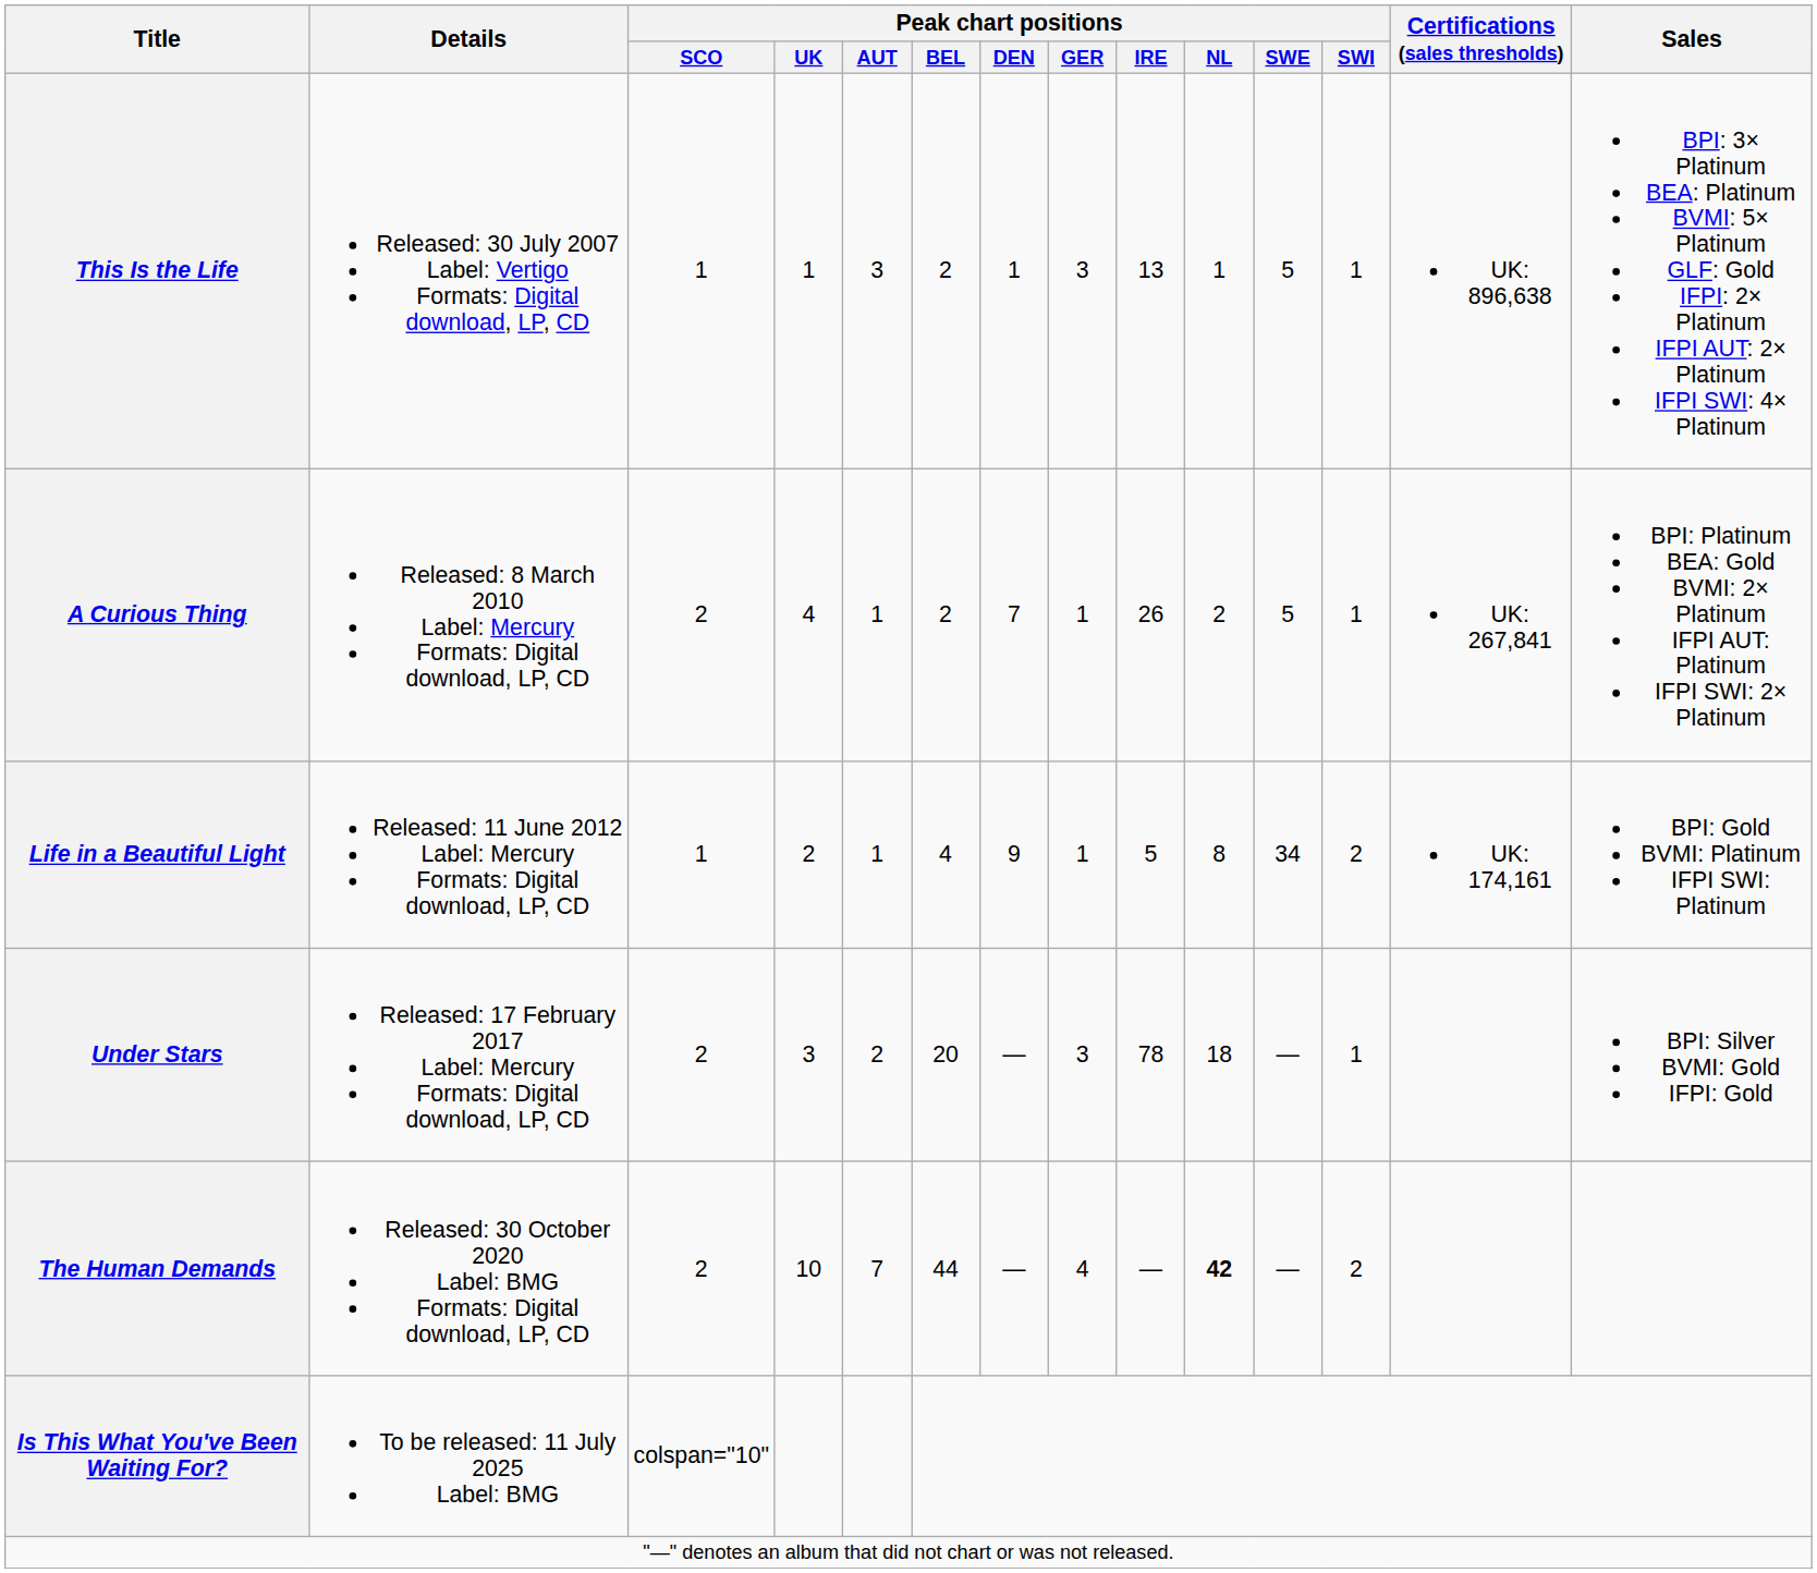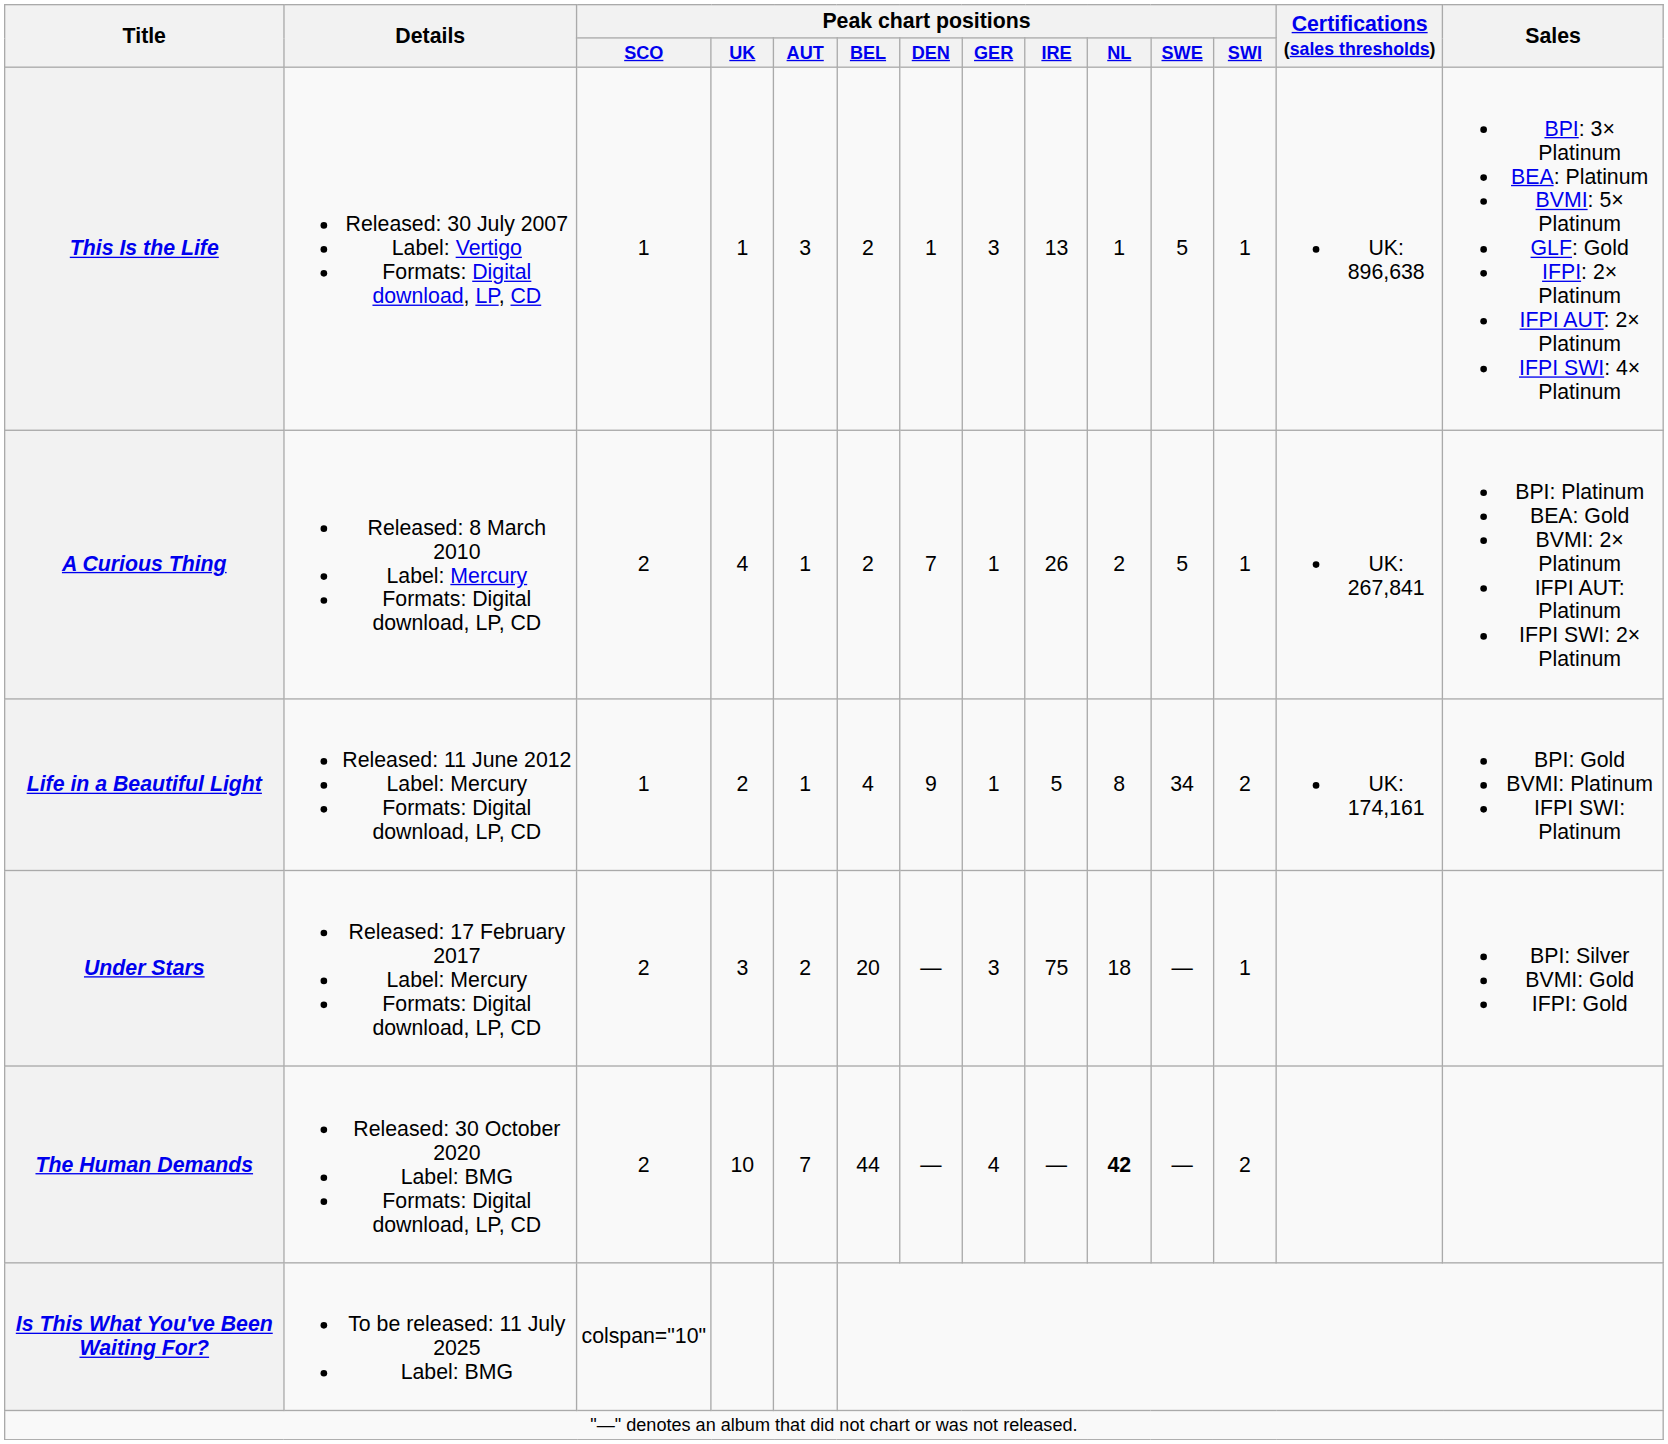 <table class="wikitable plainrowheaders" style="text-align:center;">
 <tr>
 <th scope="col" rowspan="2">Title</th>
 <th scope="col" rowspan="2">Details</th>
 <th scope="col" colspan="10">Peak chart positions</th>
 <th scope="col" rowspan="2"><a href='#'>Certifications</a><br><small>(<a href='#'>sales thresholds</a>)</small></th>
 <th scope="col" rowspan="2">Sales</th>
 </tr>
 <tr>
 <th scope="col" style="width:3em;font-size:85%;"><a href='#'>SCO</a><br></th>
 <th scope="col" style="width:3em;font-size:85%;"><a href='#'>UK</a><br></th>
 <th scope="col" style="width:3em;font-size:85%;"><a href='#'>AUT</a><br></th>
 <th scope="col" style="width:3em;font-size:85%;"><a href='#'>BEL</a><br></th>
 <th scope="col" style="width:3em;font-size:85%;"><a href='#'>DEN</a><br></th>
 <th scope="col" style="width:3em;font-size:85%;"><a href='#'>GER</a><br></th>
 <th scope="col" style="width:3em;font-size:85%;"><a href='#'>IRE</a><br></th>
 <th scope="col" style="width:3em;font-size:85%;"><a href='#'>NL</a><br></th>
 <th scope="col" style="width:3em;font-size:85%;"><a href='#'>SWE</a><br></th>
 <th scope="col" style="width:3em;font-size:85%;"><a href='#'>SWI</a><br></th>
 </tr>
 <tr>
 <th scope="row"><em><a href='#'>This Is the Life</a></em></th>
 <td><br><ul><li>Released: 30 July 2007</li><li>Label: <a href='#'>Vertigo</a></li><li>Formats: <a href='#'>Digital download</a>, <a href='#'>LP</a>, <a href='#'>CD</a></li></ul></td>
 <td>1</td>
 <td>1</td>
 <td>3</td>
 <td>2</td>
 <td>1</td>
 <td>3</td>
 <td>13</td>
 <td>1</td>
 <td>5</td>
 <td>1</td>
 <td><br><ul><li>UK: 896,638</li></ul></td>
 <td><br><ul><li><a href='#'>BPI</a>: 3× Platinum</li><li><a href='#'>BEA</a>: Platinum</li><li><a href='#'>BVMI</a>: 5× Platinum</li><li><a href='#'>GLF</a>: Gold</li><li><a href='#'>IFPI</a>: 2× Platinum</li><li><a href='#'>IFPI AUT</a>: 2× Platinum</li><li><a href='#'>IFPI SWI</a>: 4× Platinum</li></ul></td>
 </tr>
 <tr>
 <th scope="row"><em><a href='#'>A Curious Thing</a></em></th>
 <td><br><ul><li>Released: 8 March 2010</li><li>Label: <a href='#'>Mercury</a></li><li>Formats: Digital download, LP, CD</li></ul></td>
 <td>2</td>
 <td>4</td>
 <td>1</td>
 <td>2</td>
 <td>7</td>
 <td>1</td>
 <td>26</td>
 <td>2</td>
 <td>5</td>
 <td>1</td>
 <td><br><ul><li>UK: 267,841</li></ul></td>
 <td><br><ul><li>BPI: Platinum</li><li>BEA: Gold</li><li>BVMI: 2× Platinum</li><li>IFPI AUT: Platinum</li><li>IFPI SWI: 2× Platinum</li></ul></td>
 </tr>
 <tr>
 <th scope="row"><em><a href='#'>Life in a Beautiful Light</a></em></th>
 <td><br><ul><li>Released: 11 June 2012</li><li>Label: Mercury</li><li>Formats: Digital download, LP, CD</li></ul></td>
 <td>1</td>
 <td>2</td>
 <td>1</td>
 <td>4</td>
 <td>9</td>
 <td>1</td>
 <td>5</td>
 <td>8</td>
 <td>34</td>
 <td>2</td>
 <td><br><ul><li>UK: 174,161</li></ul></td>
 <td><br><ul><li>BPI: Gold</li><li>BVMI: Platinum</li><li>IFPI SWI: Platinum</li></ul></td>
 </tr>
 <tr>
 <th scope="row"><em><a href='#'>Under Stars</a></em></th>
 <td><br><ul><li>Released: 17 February 2017</li><li>Label: Mercury</li><li>Formats: Digital download, LP, CD</li></ul></td>
 <td>2</td>
 <td>3</td>
 <td>2</td>
 <td>20</td>
 <td>—</td>
 <td>3</td>
-<td>78</td>
+<td>75</td>
 <td>18</td>
 <td>—</td>
 <td>1</td>
 <td></td>
 <td><br><ul><li>BPI: Silver</li><li>BVMI: Gold</li><li>IFPI: Gold</li></ul></td>
 </tr>
 <tr>
 <th scope="row"><em><a href='#'>The Human Demands</a></em></th>
 <td><br><ul><li>Released: 30 October 2020</li><li>Label: BMG</li><li>Formats: Digital download, LP, CD</li></ul></td>
 <td>2</td>
 <td>10</td>
 <td>7</td>
 <td>44</td>
 <td>—</td>
 <td>4</td>
 <td>—</td>
 <td><strong>42</strong></td>
 <td>—</td>
 <td>2</td>
 <td></td>
 <td></td>
 </tr>
 <tr>
 <th scope="row"><em><a href='#'>Is This What You've Been Waiting For?</a></em></th>
 <td><br><ul><li>To be released: 11 July 2025</li><li>Label: BMG</li></ul></td>
 <td>colspan="10" </td>
 <td></td>
 <td></td>
 </tr>
 <tr>
 <td colspan="20" style="text-align:center; font-size:85%;">"—" denotes an album that did not chart or was not released.</td>
 </tr>
 </table>
